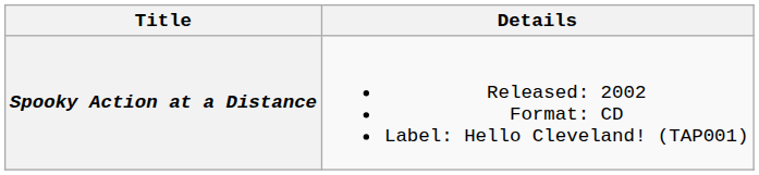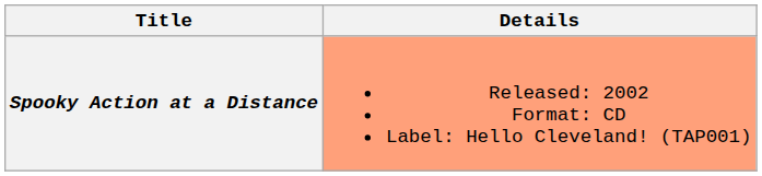 <table class="wikitable plainrowheaders" style="text-align:center;" border="1">
 <tr>
 <th>Title</th>
 <th>Details</th>
 </tr>
 <tr>
 <th scope="row"><em>Spooky Action at a Distance</em></th>
-<td><br><ul><li>Released: 2002</li><li>Format: CD</li><li>Label: Hello Cleveland! (TAP001)</li></ul></td>
+<td style="background: lightsalmon;"><br><ul><li>Released: 2002</li><li>Format: CD</li><li>Label: Hello Cleveland! (TAP001)</li></ul></td>
 </tr>
 </table>
